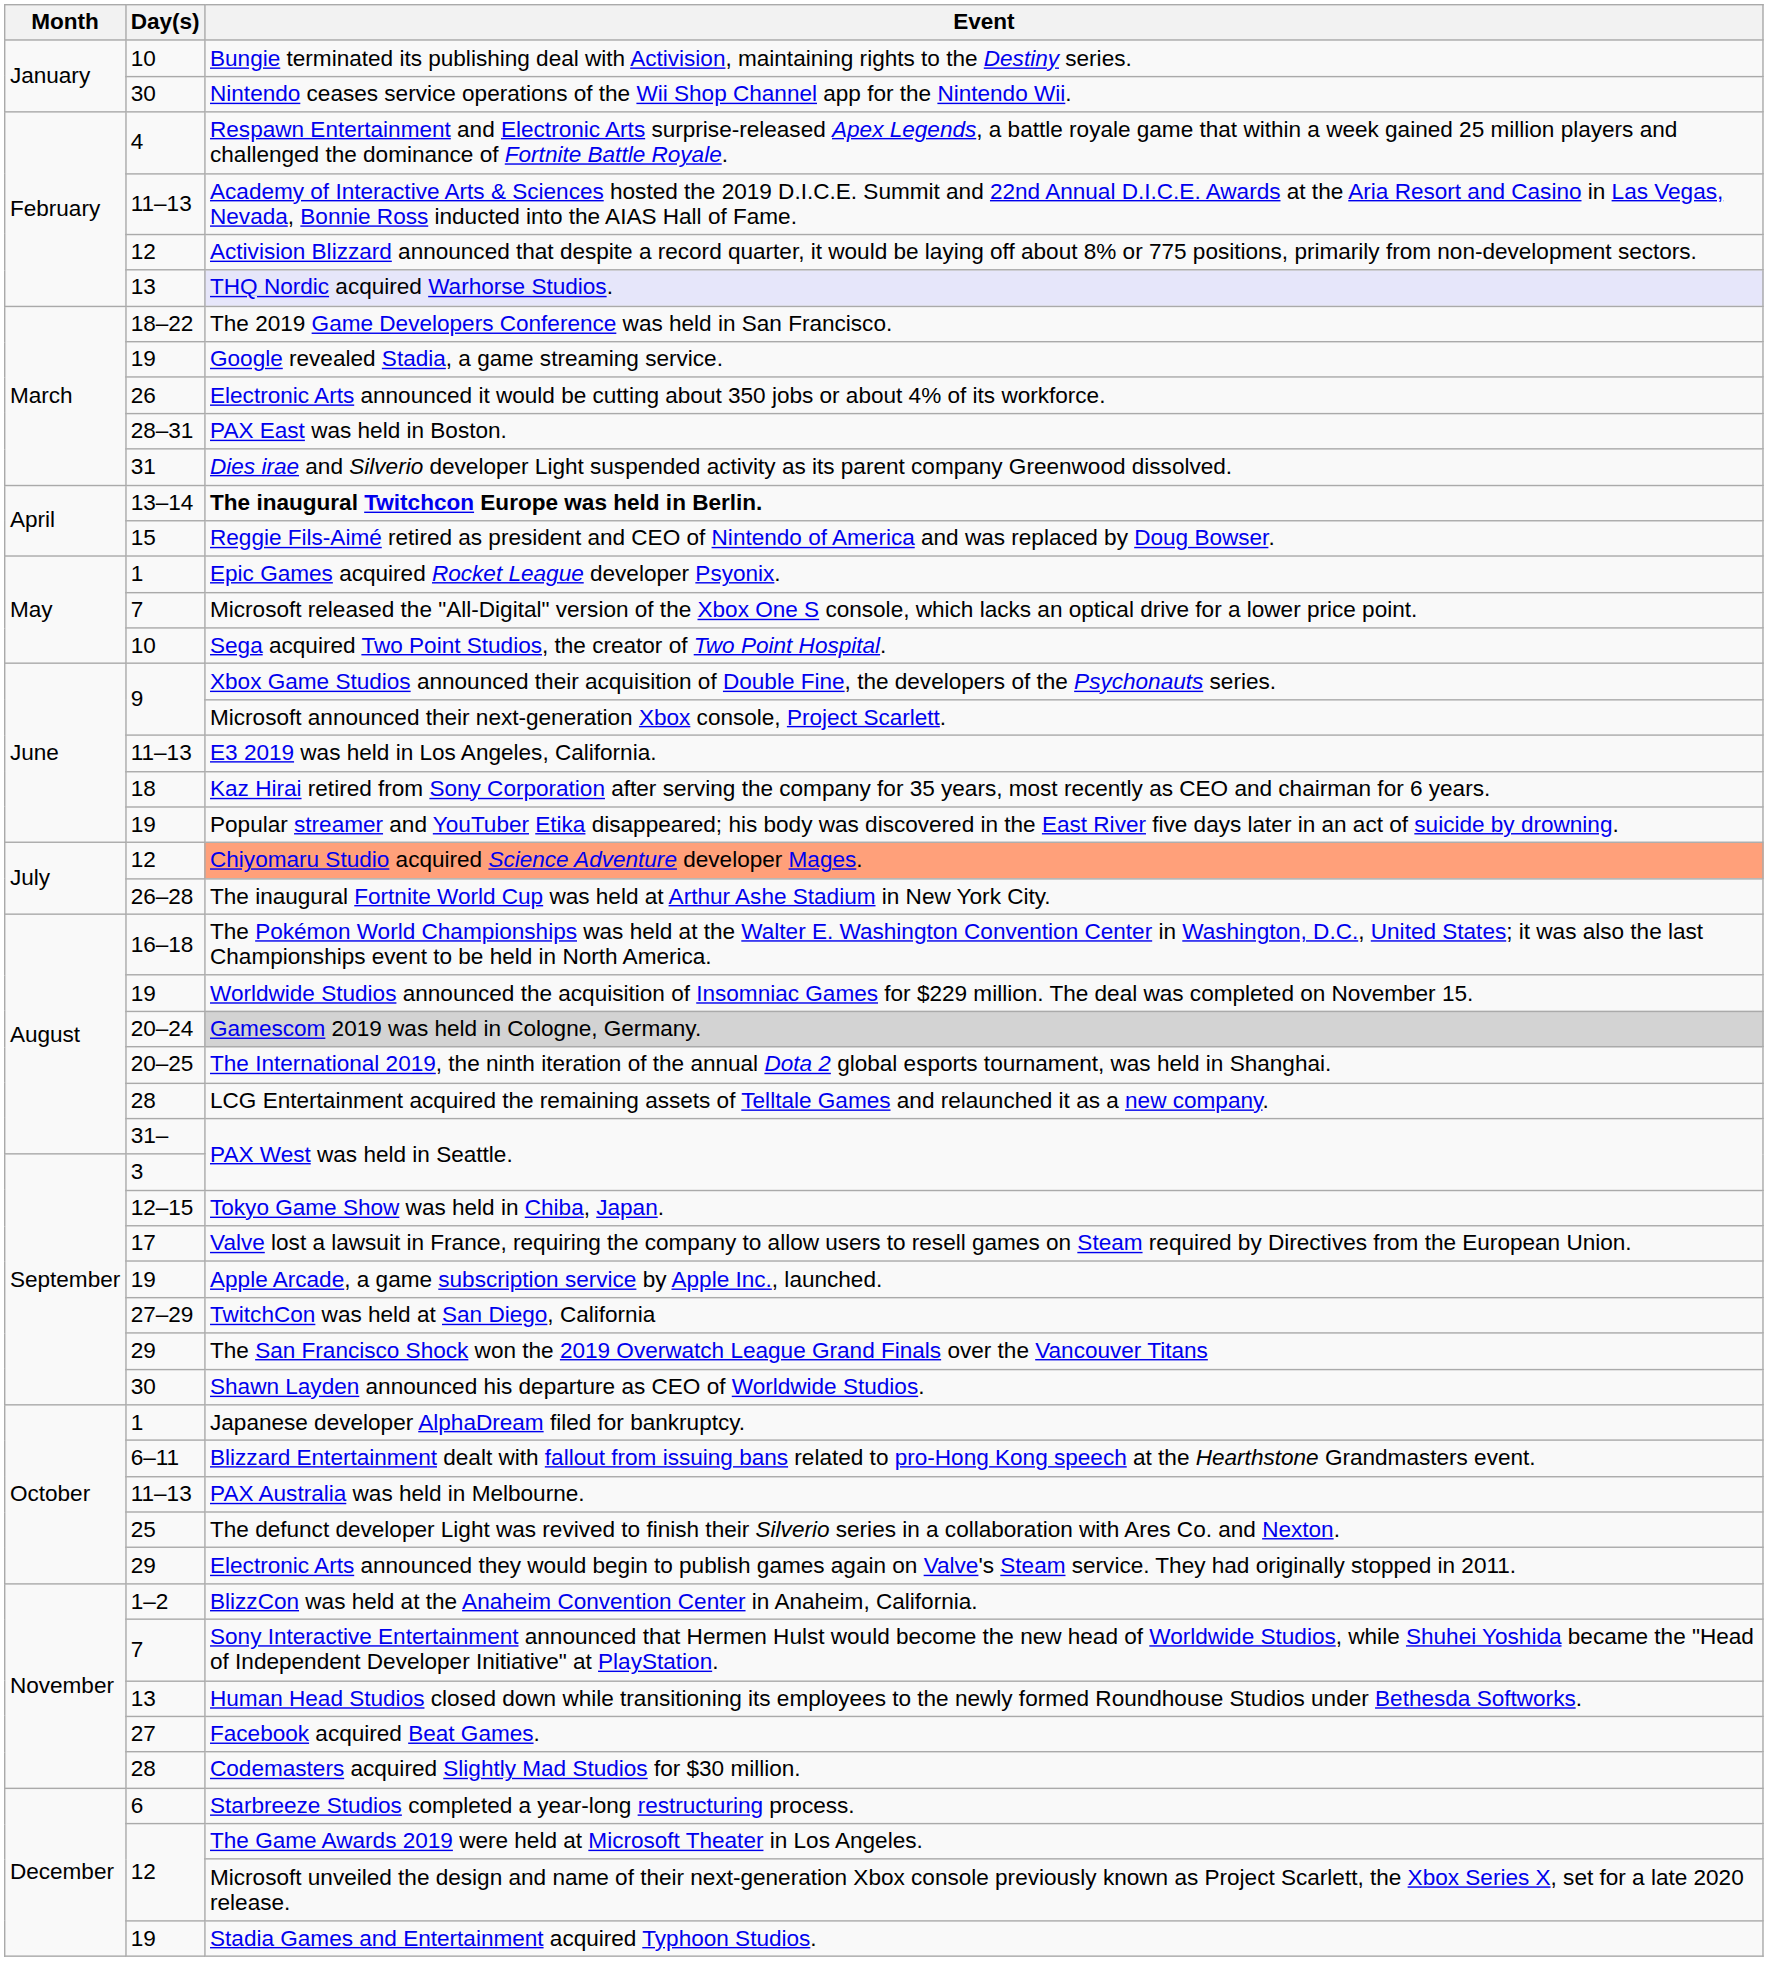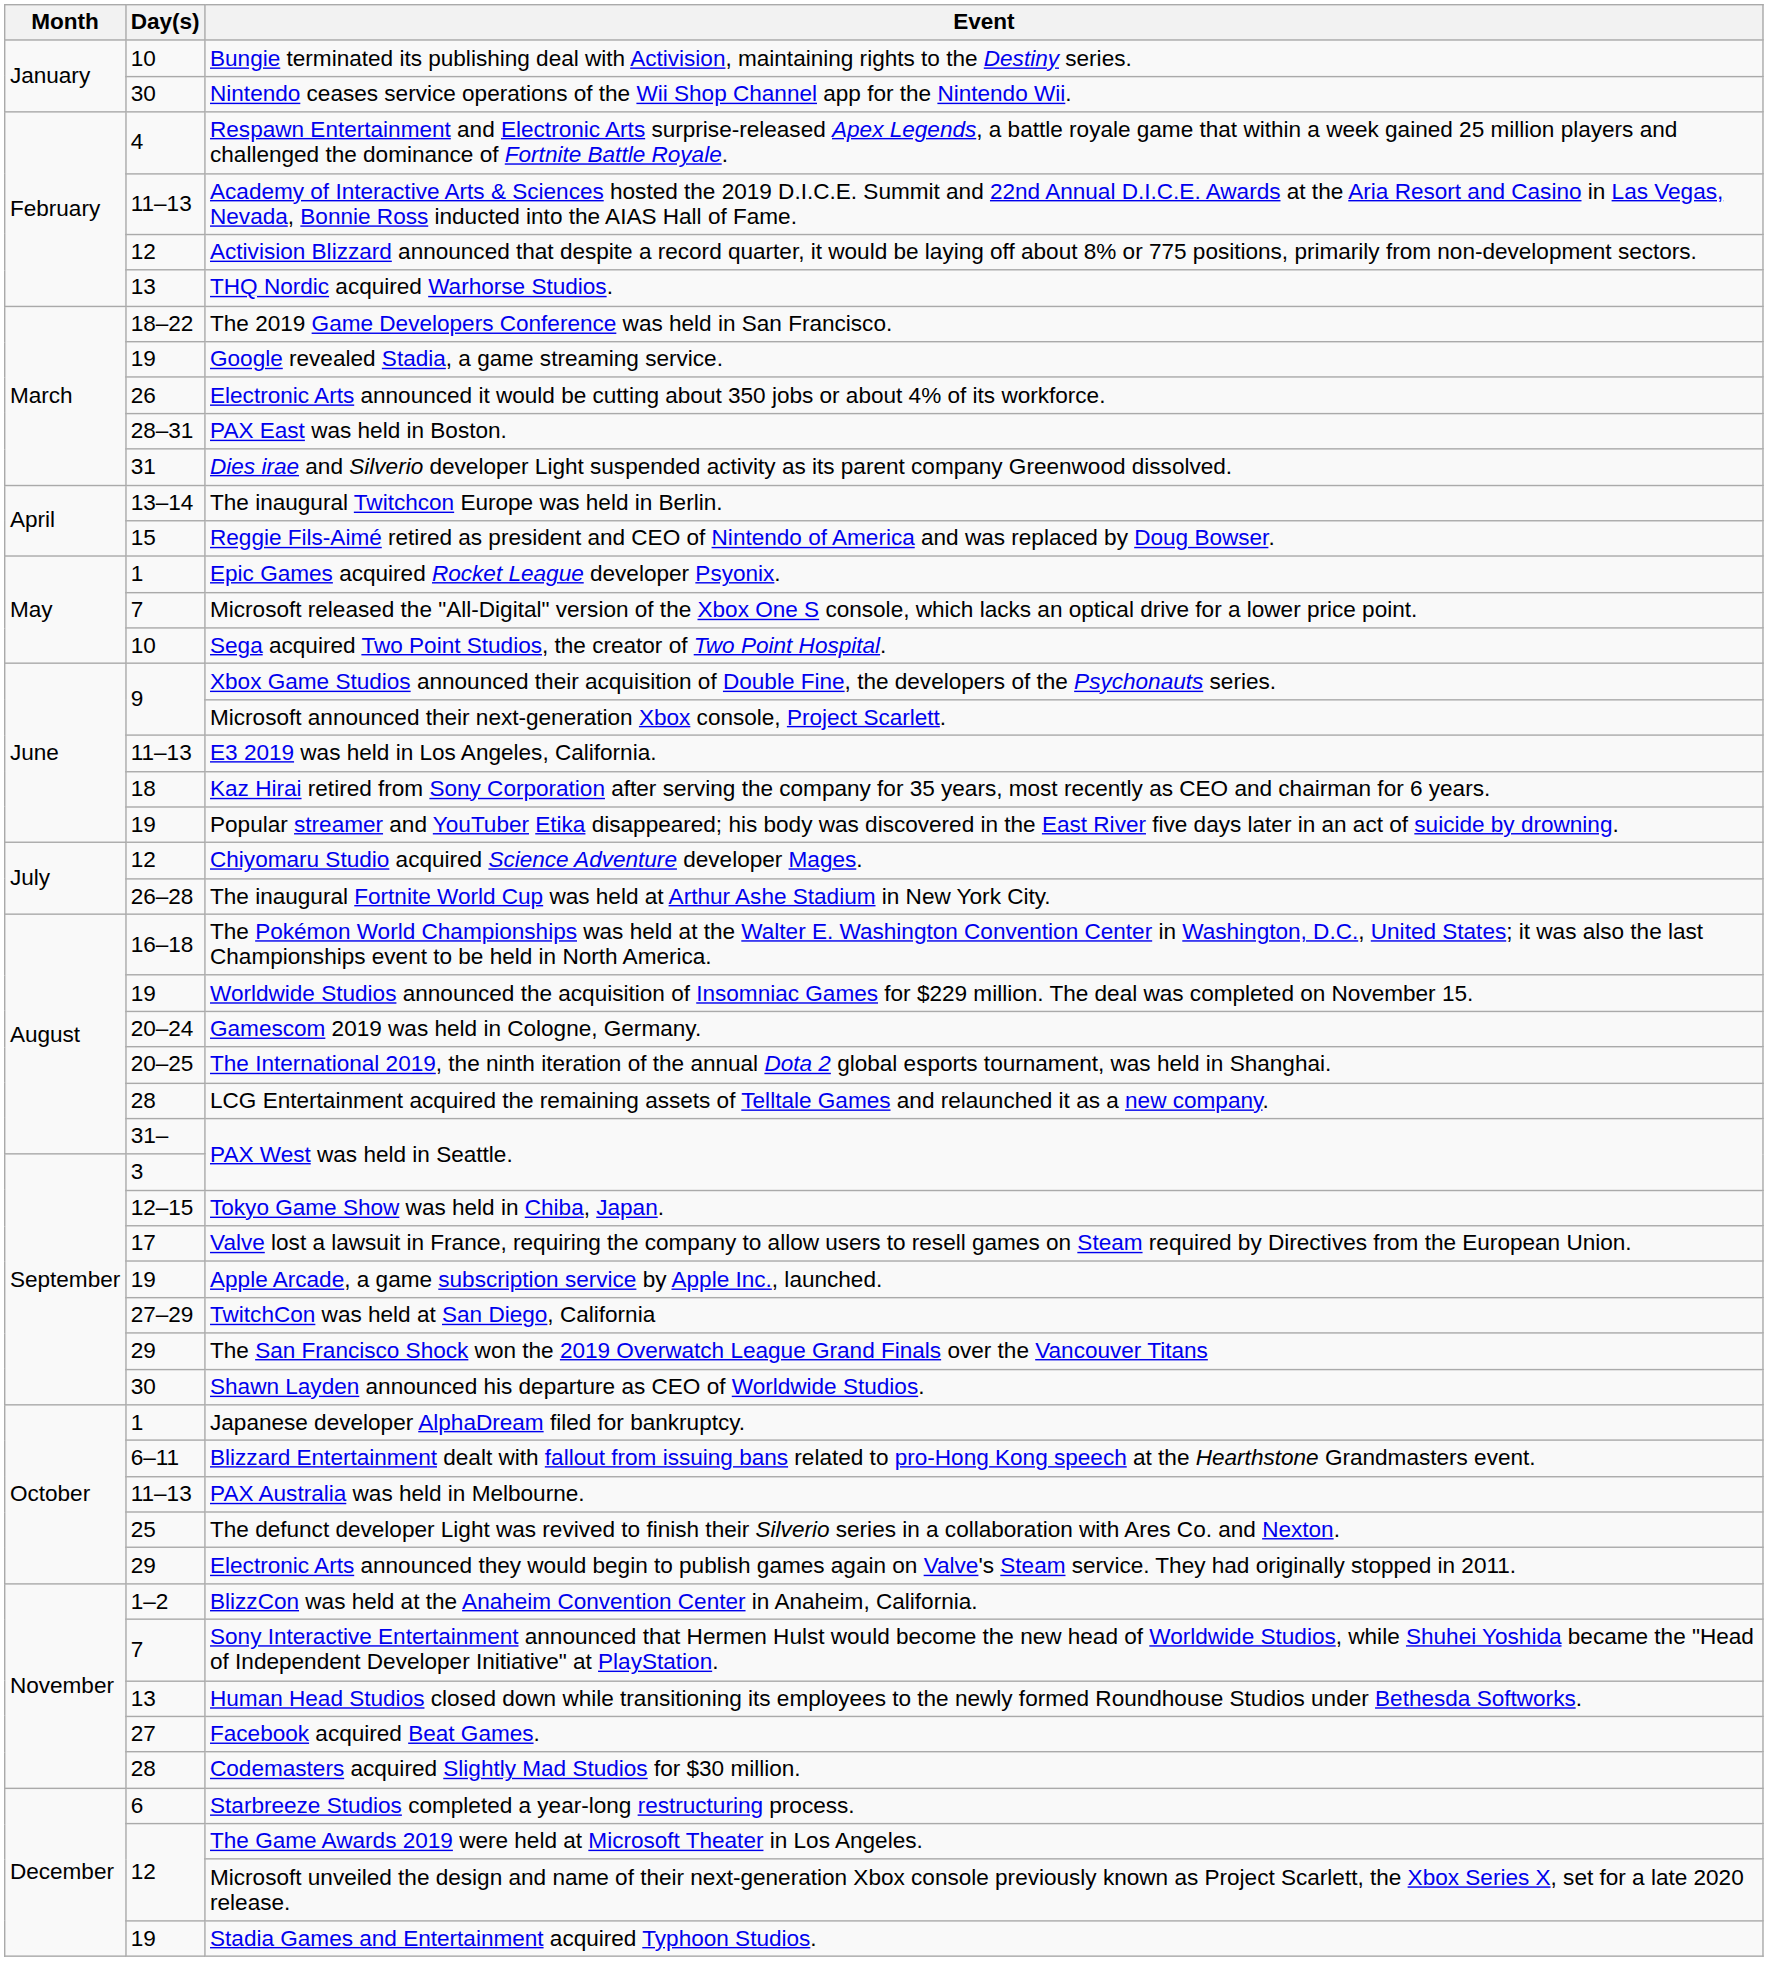 <table class="wikitable">
 <tr>
 <th>Month</th>
 <th>Day(s)</th>
 <th>Event</th>
 </tr>
 <tr>
 <td rowspan="2">January</td>
 <td>10</td>
 <td><a href='#'>Bungie</a> terminated its publishing deal with <a href='#'>Activision</a>, maintaining rights to the <em><a href='#'>Destiny</a></em> series.</td>
 </tr>
 <tr>
 <td>30</td>
 <td><a href='#'>Nintendo</a> ceases service operations of the <a href='#'>Wii Shop Channel</a> app for the <a href='#'>Nintendo Wii</a>.</td>
 </tr>
 <tr>
 <td rowspan="4">February</td>
 <td>4</td>
 <td><a href='#'>Respawn Entertainment</a> and <a href='#'>Electronic Arts</a> surprise-released <em><a href='#'>Apex Legends</a></em>, a battle royale game that within a week gained 25 million players and challenged the dominance of <em><a href='#'>Fortnite Battle Royale</a></em>.</td>
 </tr>
 <tr>
 <td>11–13</td>
 <td><a href='#'>Academy of Interactive Arts & Sciences</a> hosted the 2019 D.I.C.E. Summit and <a href='#'>22nd Annual D.I.C.E. Awards</a> at the <a href='#'>Aria Resort and Casino</a> in <a href='#'>Las Vegas, Nevada</a>, <a href='#'>Bonnie Ross</a> inducted into the AIAS Hall of Fame.</td>
 </tr>
 <tr>
 <td>12</td>
 <td><a href='#'>Activision Blizzard</a> announced that despite a record quarter, it would be laying off about 8% or 775 positions, primarily from non-development sectors.</td>
 </tr>
 <tr>
 <td>13</td>
-<td style="background: lavender;"><a href='#'>THQ Nordic</a> acquired <a href='#'>Warhorse Studios</a>.</td>
+<td><a href='#'>THQ Nordic</a> acquired <a href='#'>Warhorse Studios</a>.</td>
 </tr>
 <tr>
 <td rowspan="5">March</td>
 <td>18–22</td>
 <td>The 2019 <a href='#'>Game Developers Conference</a> was held in San Francisco.</td>
 </tr>
 <tr>
 <td>19</td>
 <td><a href='#'>Google</a> revealed <a href='#'>Stadia</a>, a game streaming service.</td>
 </tr>
 <tr>
 <td>26</td>
 <td><a href='#'>Electronic Arts</a> announced it would be cutting about 350 jobs or about 4% of its workforce.</td>
 </tr>
 <tr>
 <td>28–31</td>
 <td><a href='#'>PAX East</a> was held in Boston.</td>
 </tr>
 <tr>
 <td>31</td>
 <td><em><a href='#'>Dies irae</a></em> and <em>Silverio</em> developer Light suspended activity as its parent company Greenwood dissolved.</td>
 </tr>
 <tr>
 <td rowspan="2">April</td>
 <td>13–14</td>
-<td><strong>The inaugural <a href='#'>Twitchcon</a> Europe was held in Berlin.</strong></td>
+<td>The inaugural <a href='#'>Twitchcon</a> Europe was held in Berlin.</td>
 </tr>
 <tr>
 <td>15</td>
 <td><a href='#'>Reggie Fils-Aimé</a> retired as president and CEO of <a href='#'>Nintendo of America</a> and was replaced by <a href='#'>Doug Bowser</a>.</td>
 </tr>
 <tr>
 <td rowspan="3">May</td>
 <td>1</td>
 <td><a href='#'>Epic Games</a> acquired <em><a href='#'>Rocket League</a></em> developer <a href='#'>Psyonix</a>.</td>
 </tr>
 <tr>
 <td>7</td>
 <td>Microsoft released the "All-Digital" version of the <a href='#'>Xbox One S</a> console, which lacks an optical drive for a lower price point.</td>
 </tr>
 <tr>
 <td>10</td>
 <td><a href='#'>Sega</a> acquired <a href='#'>Two Point Studios</a>, the creator of <em><a href='#'>Two Point Hospital</a></em>.</td>
 </tr>
 <tr>
 <td rowspan="5">June</td>
 <td rowspan="2">9</td>
 <td><a href='#'>Xbox Game Studios</a> announced their acquisition of <a href='#'>Double Fine</a>, the developers of the <em><a href='#'>Psychonauts</a></em> series.</td>
 </tr>
 <tr>
 <td>Microsoft announced their next-generation <a href='#'>Xbox</a> console, <a href='#'>Project Scarlett</a>.</td>
 </tr>
 <tr>
 <td>11–13</td>
 <td><a href='#'>E3 2019</a> was held in Los Angeles, California.</td>
 </tr>
 <tr>
 <td>18</td>
 <td><a href='#'>Kaz Hirai</a> retired from <a href='#'>Sony Corporation</a> after serving the company for 35 years, most recently as CEO and chairman for 6 years.</td>
 </tr>
 <tr>
 <td>19</td>
 <td>Popular <a href='#'>streamer</a> and <a href='#'>YouTuber</a> <a href='#'>Etika</a> disappeared; his body was discovered in the <a href='#'>East River</a> five days later in an act of <a href='#'>suicide by drowning</a>.</td>
 </tr>
 <tr>
 <td rowspan="2">July</td>
 <td>12</td>
-<td style="background: lightsalmon;"><a href='#'>Chiyomaru Studio</a> acquired <em><a href='#'>Science Adventure</a></em> developer <a href='#'>Mages</a>.</td>
+<td><a href='#'>Chiyomaru Studio</a> acquired <em><a href='#'>Science Adventure</a></em> developer <a href='#'>Mages</a>.</td>
 </tr>
 <tr>
 <td>26–28</td>
 <td>The inaugural <a href='#'>Fortnite World Cup</a> was held at <a href='#'>Arthur Ashe Stadium</a> in New York City.</td>
 </tr>
 <tr>
 <td rowspan="6">August</td>
 <td>16–18</td>
 <td>The <a href='#'>Pokémon World Championships</a> was held at the <a href='#'>Walter E. Washington Convention Center</a> in <a href='#'>Washington, D.C.</a>, <a href='#'>United States</a>; it was also the last Championships event to be held in North America.</td>
 </tr>
 <tr>
 <td>19</td>
 <td><a href='#'>Worldwide Studios</a> announced the acquisition of <a href='#'>Insomniac Games</a> for $229 million. The deal was completed on November 15.</td>
 </tr>
 <tr>
 <td>20–24</td>
-<td style="background: lightgrey;"><a href='#'>Gamescom</a> 2019 was held in Cologne, Germany.</td>
+<td><a href='#'>Gamescom</a> 2019 was held in Cologne, Germany.</td>
 </tr>
 <tr>
 <td>20–25</td>
 <td><a href='#'>The International 2019</a>, the ninth iteration of the annual <em><a href='#'>Dota 2</a></em> global esports tournament, was held in Shanghai.</td>
 </tr>
 <tr>
 <td>28</td>
 <td>LCG Entertainment acquired the remaining assets of <a href='#'>Telltale Games</a> and relaunched it as a <a href='#'>new company</a>.</td>
 </tr>
 <tr>
 <td>31–</td>
 <td rowspan="2"><a href='#'>PAX West</a> was held in Seattle.</td>
 </tr>
 <tr>
 <td rowspan="7">September</td>
 <td>3</td>
 </tr>
 <tr>
 <td>12–15</td>
 <td><a href='#'>Tokyo Game Show</a> was held in <a href='#'>Chiba</a>, <a href='#'>Japan</a>.</td>
 </tr>
 <tr>
 <td>17</td>
 <td><a href='#'>Valve</a> lost a lawsuit in France, requiring the company to allow users to resell games on <a href='#'>Steam</a> required by Directives from the European Union.</td>
 </tr>
 <tr>
 <td>19</td>
 <td><a href='#'>Apple Arcade</a>, a game <a href='#'>subscription service</a> by <a href='#'>Apple Inc.</a>, launched.</td>
 </tr>
 <tr>
 <td>27–29</td>
 <td><a href='#'>TwitchCon</a> was held at <a href='#'>San Diego</a>, California</td>
 </tr>
 <tr>
 <td>29</td>
 <td>The <a href='#'>San Francisco Shock</a> won the <a href='#'>2019 Overwatch League Grand Finals</a> over the <a href='#'>Vancouver Titans</a></td>
 </tr>
 <tr>
 <td>30</td>
 <td><a href='#'>Shawn Layden</a> announced his departure as CEO of <a href='#'>Worldwide Studios</a>.</td>
 </tr>
 <tr>
 <td rowspan="5">October</td>
 <td>1</td>
 <td>Japanese developer <a href='#'>AlphaDream</a> filed for bankruptcy.</td>
 </tr>
 <tr>
 <td>6–11</td>
 <td><a href='#'>Blizzard Entertainment</a> dealt with <a href='#'>fallout from issuing bans</a> related to <a href='#'>pro-Hong Kong speech</a> at the <em>Hearthstone</em> Grandmasters event.</td>
 </tr>
 <tr>
 <td>11–13</td>
 <td><a href='#'>PAX Australia</a> was held in Melbourne.</td>
 </tr>
 <tr>
 <td>25</td>
 <td>The defunct developer Light was revived to finish their <em>Silverio</em> series in a collaboration with Ares Co. and <a href='#'>Nexton</a>.</td>
 </tr>
 <tr>
 <td>29</td>
 <td><a href='#'>Electronic Arts</a> announced they would begin to publish games again on <a href='#'>Valve</a>'s <a href='#'>Steam</a> service. They had originally stopped in 2011.</td>
 </tr>
 <tr>
 <td rowspan="5">November</td>
 <td>1–2</td>
 <td><a href='#'>BlizzCon</a> was held at the <a href='#'>Anaheim Convention Center</a> in Anaheim, California.</td>
 </tr>
 <tr>
 <td>7</td>
 <td><a href='#'>Sony Interactive Entertainment</a> announced that Hermen Hulst would become the new head of <a href='#'>Worldwide Studios</a>, while <a href='#'>Shuhei Yoshida</a> became the "Head of Independent Developer Initiative" at <a href='#'>PlayStation</a>.</td>
 </tr>
 <tr>
 <td>13</td>
 <td><a href='#'>Human Head Studios</a> closed down while transitioning its employees to the newly formed Roundhouse Studios under <a href='#'>Bethesda Softworks</a>.</td>
 </tr>
 <tr>
 <td>27</td>
 <td><a href='#'>Facebook</a> acquired <a href='#'>Beat Games</a>.</td>
 </tr>
 <tr>
 <td>28</td>
 <td><a href='#'>Codemasters</a> acquired <a href='#'>Slightly Mad Studios</a> for $30 million.</td>
 </tr>
 <tr>
 <td rowspan="4">December</td>
 <td>6</td>
 <td><a href='#'>Starbreeze Studios</a> completed a year-long <a href='#'>restructuring</a> process.</td>
 </tr>
 <tr>
 <td rowspan="2">12</td>
 <td><a href='#'>The Game Awards 2019</a> were held at <a href='#'>Microsoft Theater</a> in Los Angeles.</td>
 </tr>
 <tr>
 <td>Microsoft unveiled the design and name of their next-generation Xbox console previously known as Project Scarlett, the <a href='#'>Xbox Series X</a>, set for a late 2020 release.</td>
 </tr>
 <tr>
 <td>19</td>
 <td><a href='#'>Stadia Games and Entertainment</a> acquired <a href='#'>Typhoon Studios</a>.</td>
 </tr>
 </table>
